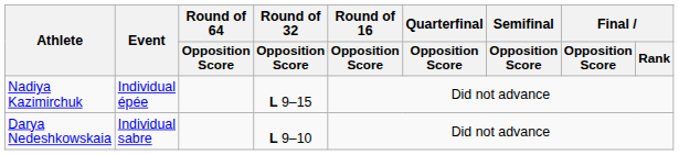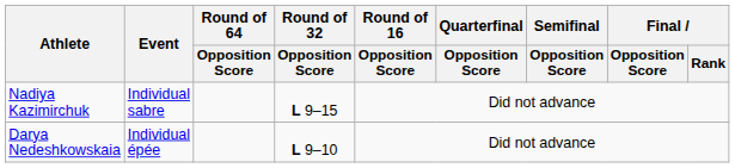 <table class="wikitable" style="font-size:90%">
 <tr>
 <th rowspan="2">Athlete</th>
 <th rowspan="2">Event</th>
 <th>Round of 64</th>
 <th>Round of 32</th>
 <th>Round of 16</th>
 <th>Quarterfinal</th>
 <th>Semifinal</th>
 <th colspan=2>Final / </th>
 </tr>
 <tr style="font-size:95%">
 <th>Opposition <br> Score</th>
 <th>Opposition <br> Score</th>
 <th>Opposition <br> Score</th>
 <th>Opposition <br> Score</th>
 <th>Opposition <br> Score</th>
 <th>Opposition <br> Score</th>
 <th>Rank</th>
 </tr>
 <tr align=center>
 <td align=left><a href='#'>Nadiya Kazimirchuk</a></td>
-<td align=left><a href='#'>Individual épée</a></td>
+<td align=left><a href='#'>Individual sabre</a></td>
 <td></td>
 <td><br><strong>L</strong> 9–15</td>
 <td colspan=5>Did not advance</td>
 </tr>
 <tr align=center>
 <td align=left><a href='#'>Darya Nedeshkowskaia</a></td>
-<td align=left><a href='#'>Individual sabre</a></td>
+<td align=left><a href='#'>Individual épée</a></td>
 <td></td>
 <td><br><strong>L</strong> 9–10</td>
 <td colspan=5>Did not advance</td>
 </tr>
 </table>
